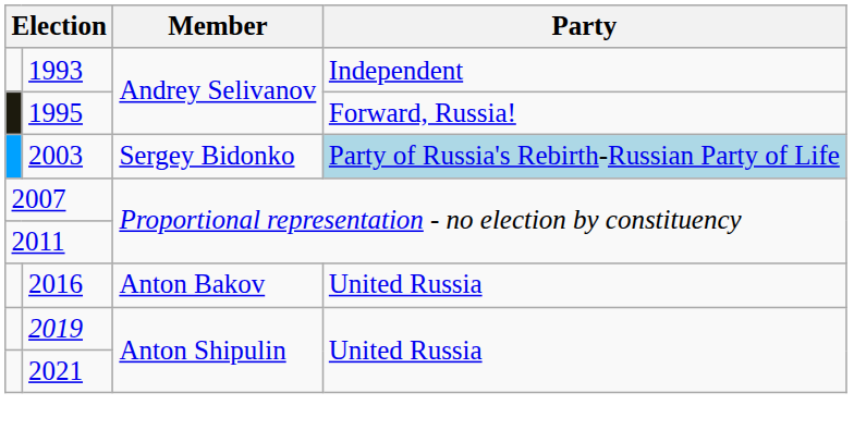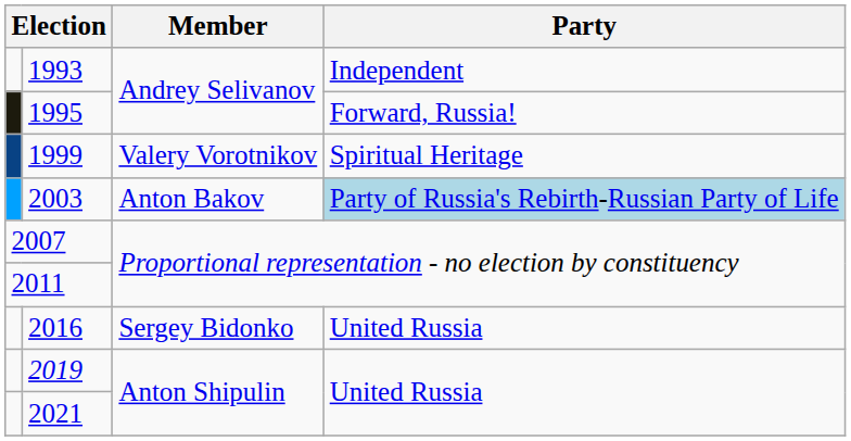 <table class="wikitable">
 <tr>
 <th colspan="2">Election</th>
 <th>Member</th>
 <th>Party</th>
 </tr>
 <tr>
 <td style="background-color:"></td>
 <td><a href='#'>1993</a></td>
 <td rowspan=2><a href='#'>Andrey Selivanov</a></td>
 <td><a href='#'>Independent</a></td>
 </tr>
 <tr>
 <td style="background-color:#1C1A0D"></td>
 <td><a href='#'>1995</a></td>
 <td><a href='#'>Forward, Russia!</a></td>
 </tr>
 <tr>
+<td style="background-color:#084284"></td>
+<td><a href='#'>1999</a></td>
+<td><a href='#'>Valery Vorotnikov</a></td>
+<td><a href='#'>Spiritual Heritage</a></td>
+</tr>
+<tr>
 <td style="background-color:#00A1FF"></td>
 <td><a href='#'>2003</a></td>
-<td><a href='#'>Sergey Bidonko</a></td>
+<td><a href='#'>Anton Bakov</a></td>
 <td style="background: lightblue;"><a href='#'>Party of Russia's Rebirth</a>-<a href='#'>Russian Party of Life</a></td>
 </tr>
 <tr>
 <td colspan=2><a href='#'>2007</a></td>
 <td colspan=2 rowspan=2><em><a href='#'>Proportional representation</a> - no election by constituency</em></td>
 </tr>
 <tr>
 <td colspan=2><a href='#'>2011</a></td>
 </tr>
 <tr>
 <td style="background-color: "></td>
 <td><a href='#'>2016</a></td>
-<td><a href='#'>Anton Bakov</a></td>
+<td><a href='#'>Sergey Bidonko</a></td>
 <td><a href='#'>United Russia</a></td>
 </tr>
 <tr>
 <td style="background-color: "></td>
 <td><em><a href='#'>2019</a></em></td>
 <td rowspan=2><a href='#'>Anton Shipulin</a></td>
 <td rowspan=2><a href='#'>United Russia</a></td>
 </tr>
 <tr>
 <td style="background-color: "></td>
 <td><a href='#'>2021</a></td>
 </tr>
 </table>
